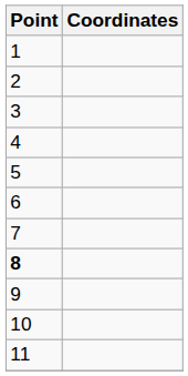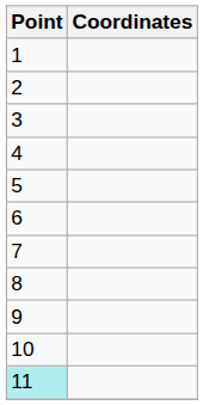 <table class="wikitable sortable" align="right">
 <tr>
 <th>Point</th>
 <th>Coordinates</th>
 </tr>
 <tr>
 <td>1</td>
 <td></td>
 </tr>
 <tr>
 <td>2</td>
 <td></td>
 </tr>
 <tr>
 <td>3</td>
 <td></td>
 </tr>
 <tr>
 <td>4</td>
 <td></td>
 </tr>
 <tr>
 <td>5</td>
 <td></td>
 </tr>
 <tr>
 <td>6</td>
 <td></td>
 </tr>
 <tr>
 <td>7</td>
 <td></td>
 </tr>
 <tr>
-<td><strong>8</strong></td>
+<td>8</td>
 <td></td>
 </tr>
 <tr>
 <td>9</td>
 <td></td>
 </tr>
 <tr>
 <td>10</td>
 <td></td>
 </tr>
 <tr>
-<td>11</td>
+<td style="background: paleturquoise;">11</td>
 <td></td>
 </tr>
 <tr>
 </tr>
 </table>
